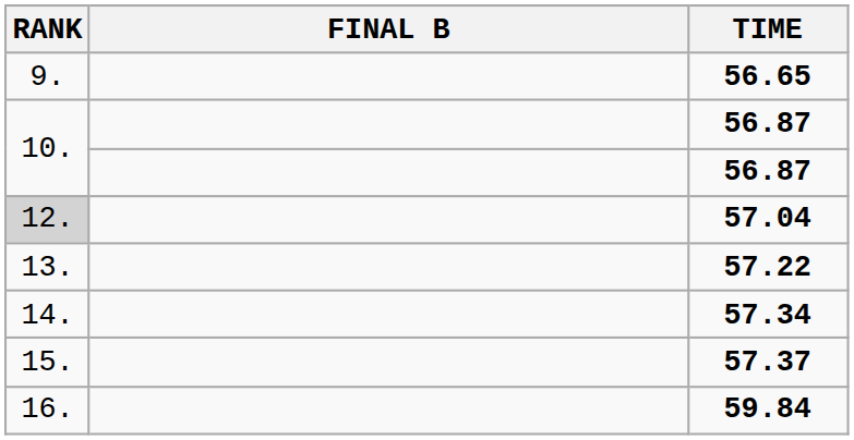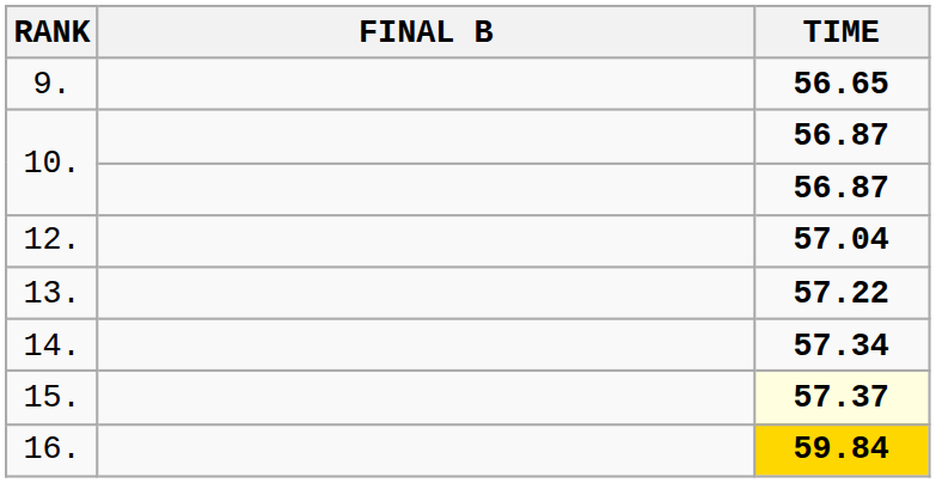 <table class="wikitable">
 <tr>
 <th>RANK</th>
 <th style="width: 20em">FINAL B</th>
 <th style="width: 5em">TIME</th>
 </tr>
 <tr>
 <td align="center">9.</td>
 <td></td>
 <td align="center"><strong>56.65</strong></td>
 </tr>
 <tr>
 <td rowspan=2 align="center">10.</td>
 <td></td>
 <td align="center"><strong>56.87</strong></td>
 </tr>
 <tr>
 <td></td>
 <td align="center"><strong>56.87</strong></td>
 </tr>
 <tr>
-<td align="center" style="background: lightgrey;">12.</td>
+<td align="center">12.</td>
 <td></td>
 <td align="center"><strong>57.04</strong></td>
 </tr>
 <tr>
 <td align="center">13.</td>
 <td></td>
 <td align="center"><strong>57.22</strong></td>
 </tr>
 <tr>
 <td align="center">14.</td>
 <td></td>
 <td align="center"><strong>57.34</strong></td>
 </tr>
 <tr>
 <td align="center">15.</td>
 <td></td>
-<td align="center"><strong>57.37</strong></td>
+<td align="center" style="background: lightyellow;"><strong>57.37</strong></td>
 </tr>
 <tr>
 <td align="center">16.</td>
 <td></td>
-<td align="center"><strong>59.84</strong></td>
+<td align="center" style="background: gold;"><strong>59.84</strong></td>
 </tr>
 </table>
